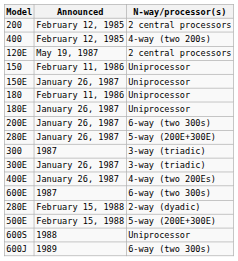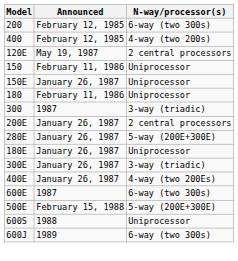 <table class="wikitable sortable" border="1">
 <tr>
 <th data-sort-type="text">Model<br> </th>
 <th data-sort-type="number">Announced</th>
 <th data-sort-type="text">N-way/processor(s)</th>
 </tr>
 <tr>
 <td>200</td>
 <td data-sort-value="1985">February 12, 1985</td>
-<td data-sort-value="2 central processors">2 central processors</td>
+<td data-sort-value="6-way (two 300s)">6-way (two 300s)</td>
 </tr>
 <tr>
 <td>400</td>
 <td data-sort-value="1985">February 12, 1985</td>
 <td data-sort-value="4-way (two 200s)">4-way (two 200s)</td>
 </tr>
 <tr>
 <td>120E</td>
 <td data-sort-value="1987">May 19, 1987</td>
 <td data-sort-value="2 central processors">2 central processors</td>
 </tr>
 <tr>
 <td>150</td>
 <td data-sort-value="1986">February 11, 1986</td>
 <td data-sort-value="Uniprocessor">Uniprocessor</td>
 </tr>
 <tr>
 <td>150E</td>
 <td data-sort-value="1987">January 26, 1987</td>
 <td data-sort-value="Uniprocessor">Uniprocessor</td>
 </tr>
 <tr>
 <td>180</td>
 <td data-sort-value="1986">February 11, 1986</td>
 <td data-sort-value="Uniprocessor">Uniprocessor</td>
 </tr>
 <tr>
-<td>180E</td>
-<td data-sort-value="1987">January 26, 1987</td>
-<td data-sort-value="Uniprocessor">Uniprocessor</td>
+<td>300</td>
+<td data-sort-value="1987">1987</td>
+<td data-sort-value="3-way" (triadic)>3-way (triadic)</td>
 </tr>
 <tr>
 <td>200E</td>
 <td data-sort-value="1987">January 26, 1987</td>
-<td data-sort-value="6-way (two 300s)">6-way (two 300s)</td>
+<td data-sort-value="2 central processors">2 central processors</td>
 </tr>
 <tr>
 <td>280E</td>
 <td data-sort-value="1987">January 26, 1987</td>
 <td data-sort-value="5-way (200E+300E)">5-way (200E+300E)</td>
 </tr>
 <tr>
-<td>300</td>
-<td data-sort-value="1987">1987</td>
-<td data-sort-value="3-way" (triadic)>3-way (triadic)</td>
+<td>180E</td>
+<td data-sort-value="1987">January 26, 1987</td>
+<td data-sort-value="Uniprocessor">Uniprocessor</td>
 </tr>
 <tr>
 <td>300E</td>
 <td data-sort-value="1987">January 26, 1987</td>
 <td data-sort-value="3-way" (triadic)>3-way (triadic)</td>
 </tr>
 <tr>
 <td>400E</td>
 <td data-sort-value="1987">January 26, 1987</td>
 <td data-sort-value="4-way (two 200s)">4-way (two 200Es)</td>
 </tr>
 <tr>
 <td>600E</td>
 <td data-sort-value="1987">1987</td>
 <td data-sort-value="6-way (two 300s)">6-way (two 300s)</td>
 </tr>
 <tr>
-<td>280E</td>
-<td data-sort-value="1988">February 15, 1988</td>
-<td data-sort-value="2-way (dyadic)">2-way (dyadic)</td>
-</tr>
-<tr>
 <td>500E</td>
 <td data-sort-value="1988">February 15, 1988</td>
 <td data-sort-value="5-way (200E+300E)">5-way (200E+300E)</td>
 </tr>
 <tr>
 <td>600S</td>
 <td data-sort-value="1988">1988</td>
 <td data-sort-value="Uniprocessor">Uniprocessor</td>
 </tr>
 <tr>
 <td>600J</td>
 <td data-sort-value="1989">1989</td>
 <td data-sort-value="6-way (two 300s)">6-way (two 300s)</td>
 </tr>
 </table>
